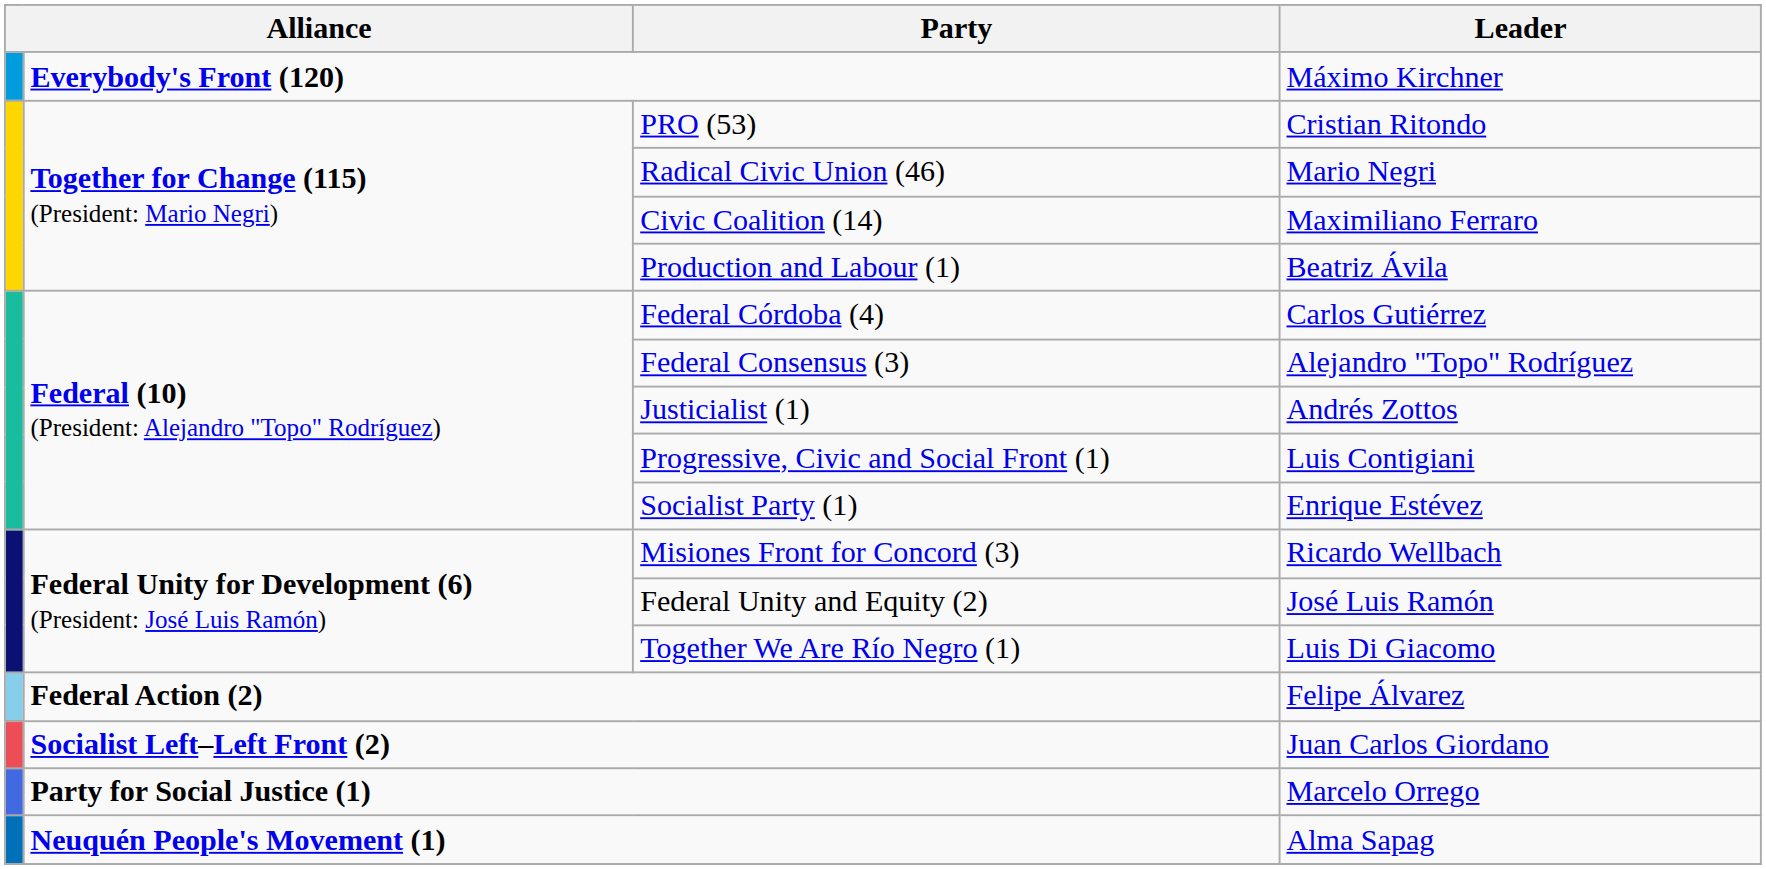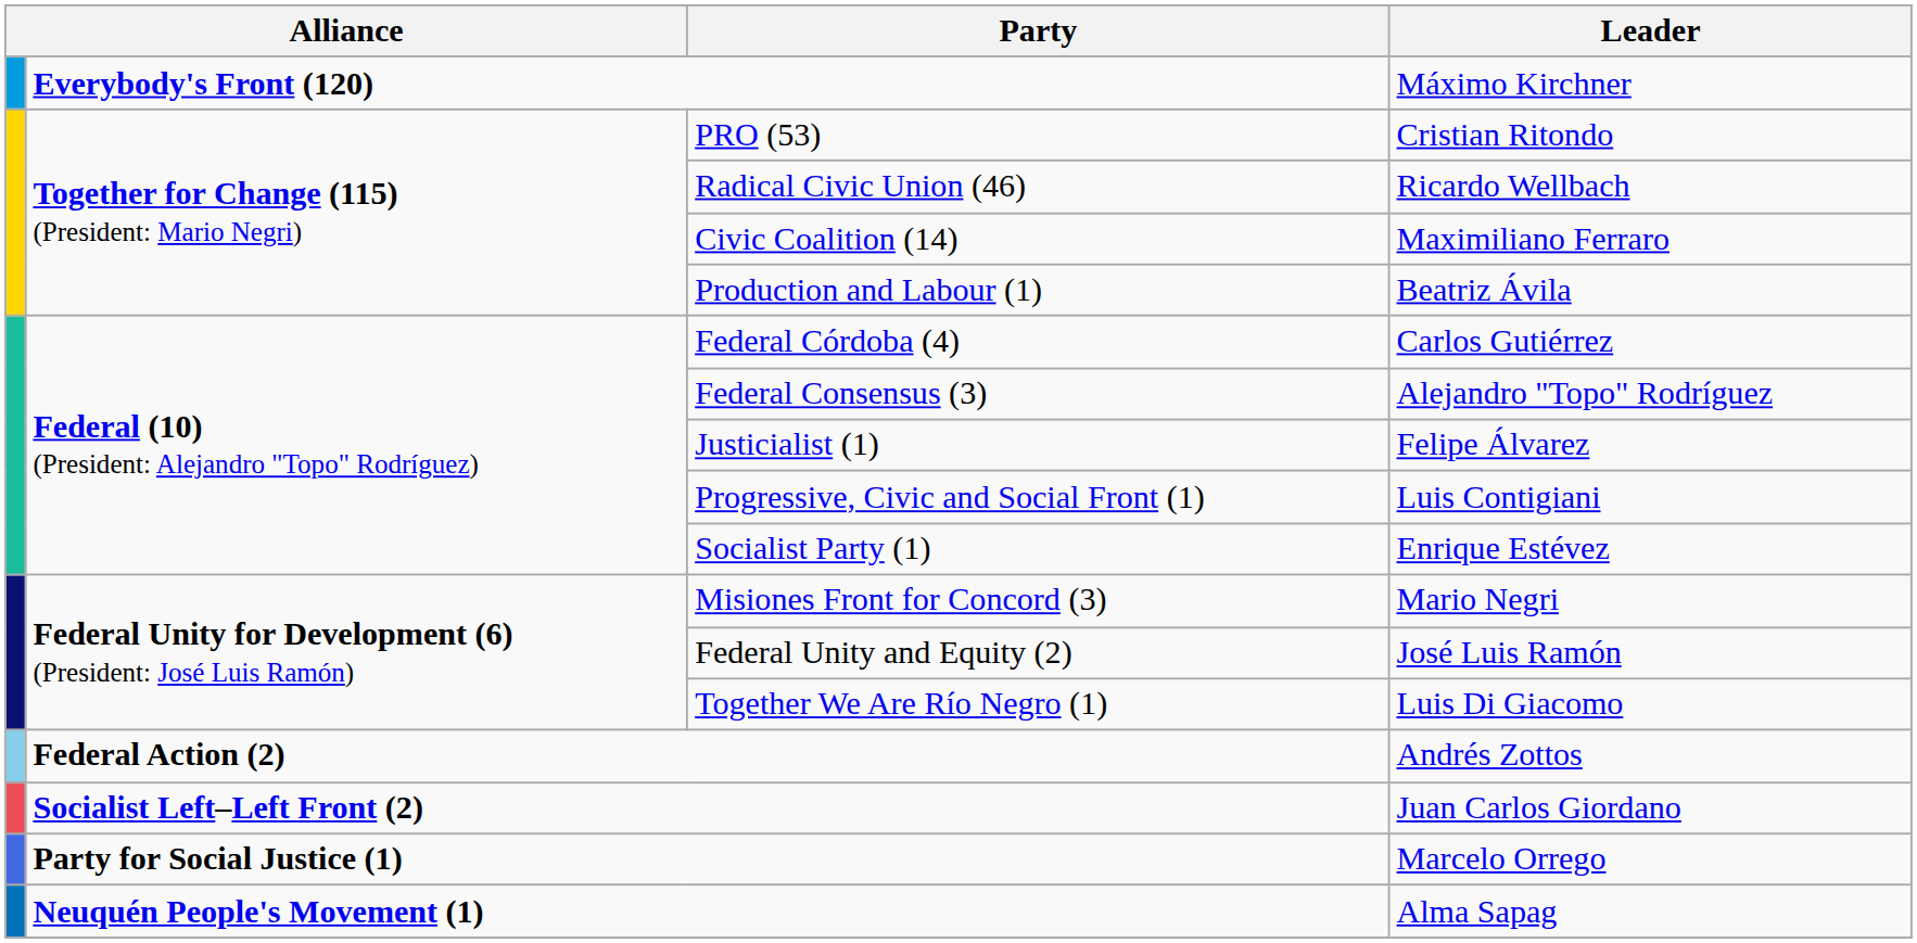 <table class="wikitable" width="74%">
 <tr>
 <th colspan="2">Alliance</th>
 <th>Party</th>
 <th>Leader</th>
 </tr>
 <tr>
 <td bgcolor="#009cde"></td>
 <td colspan=2><strong><a href='#'>Everybody's Front</a> (120)</strong></td>
 <td><a href='#'>Máximo Kirchner</a></td>
 </tr>
 <tr>
 <td bgcolor="#ffd700" rowspan="4"></td>
 <td rowspan=4><strong><a href='#'>Together for Change</a> (115)</strong><br><small>(President: <a href='#'>Mario Negri</a>)</small></td>
 <td><a href='#'>PRO</a> (53)</td>
 <td><a href='#'>Cristian Ritondo</a></td>
 </tr>
 <tr>
 <td><a href='#'>Radical Civic Union</a> (46)</td>
-<td><a href='#'>Mario Negri</a></td>
+<td><a href='#'>Ricardo Wellbach</a></td>
 </tr>
 <tr>
 <td><a href='#'>Civic Coalition</a> (14)</td>
 <td><a href='#'>Maximiliano Ferraro</a></td>
 </tr>
 <tr>
 <td><a href='#'>Production and Labour</a>  (1)</td>
 <td><a href='#'>Beatriz Ávila</a></td>
 </tr>
 <tr>
 <td rowspan=5 bgcolor=#19bc9d></td>
 <td rowspan=5><strong><a href='#'>Federal</a> (10)</strong><br><small>(President: <a href='#'>Alejandro "Topo" Rodríguez</a>)</small></td>
 <td><a href='#'>Federal Córdoba</a> (4)</td>
 <td><a href='#'>Carlos Gutiérrez</a></td>
 </tr>
 <tr>
 <td><a href='#'>Federal Consensus</a> (3)</td>
 <td><a href='#'>Alejandro "Topo" Rodríguez</a></td>
 </tr>
 <tr>
 <td><a href='#'>Justicialist</a> (1)</td>
-<td><a href='#'>Andrés Zottos</a></td>
+<td><a href='#'>Felipe Álvarez</a></td>
 </tr>
 <tr>
 <td><a href='#'>Progressive, Civic and Social Front</a> (1)</td>
 <td><a href='#'>Luis Contigiani</a></td>
 </tr>
 <tr>
 <td><a href='#'>Socialist Party</a> (1)</td>
 <td><a href='#'>Enrique Estévez</a></td>
 </tr>
 <tr>
 <td rowspan=3 bgcolor=#0a1172></td>
 <td rowspan=3><strong>Federal Unity for Development (6)</strong><br><small>(President: <a href='#'>José Luis Ramón</a>)</small></td>
 <td><a href='#'>Misiones Front for Concord</a> (3)</td>
-<td><a href='#'>Ricardo Wellbach</a></td>
+<td><a href='#'>Mario Negri</a></td>
 </tr>
 <tr>
 <td>Federal Unity and Equity (2)</td>
 <td><a href='#'>José Luis Ramón</a></td>
 </tr>
 <tr>
 <td><a href='#'>Together We Are Río Negro</a> (1)</td>
 <td><a href='#'>Luis Di Giacomo</a></td>
 </tr>
 <tr>
 <td bgcolor=#87CEEB></td>
 <td colspan=2><strong>Federal Action (2)</strong></td>
-<td><a href='#'>Felipe Álvarez</a></td>
+<td><a href='#'>Andrés Zottos</a></td>
 </tr>
 <tr>
 <td bgcolor=#ed4d57></td>
 <td colspan=2><strong><a href='#'>Socialist Left</a>–<a href='#'>Left Front</a> (2)</strong></td>
 <td><a href='#'>Juan Carlos Giordano</a></td>
 </tr>
 <tr>
 <td bgcolor=#4169E1></td>
 <td colspan=2><strong>Party for Social Justice (1)</strong></td>
 <td><a href='#'>Marcelo Orrego</a></td>
 </tr>
 <tr>
 <td bgcolor=#0070b8></td>
 <td colspan=2><strong><a href='#'>Neuquén People's Movement</a> (1)</strong></td>
 <td><a href='#'>Alma Sapag</a></td>
 </tr>
 <tr>
 </tr>
 </table>
